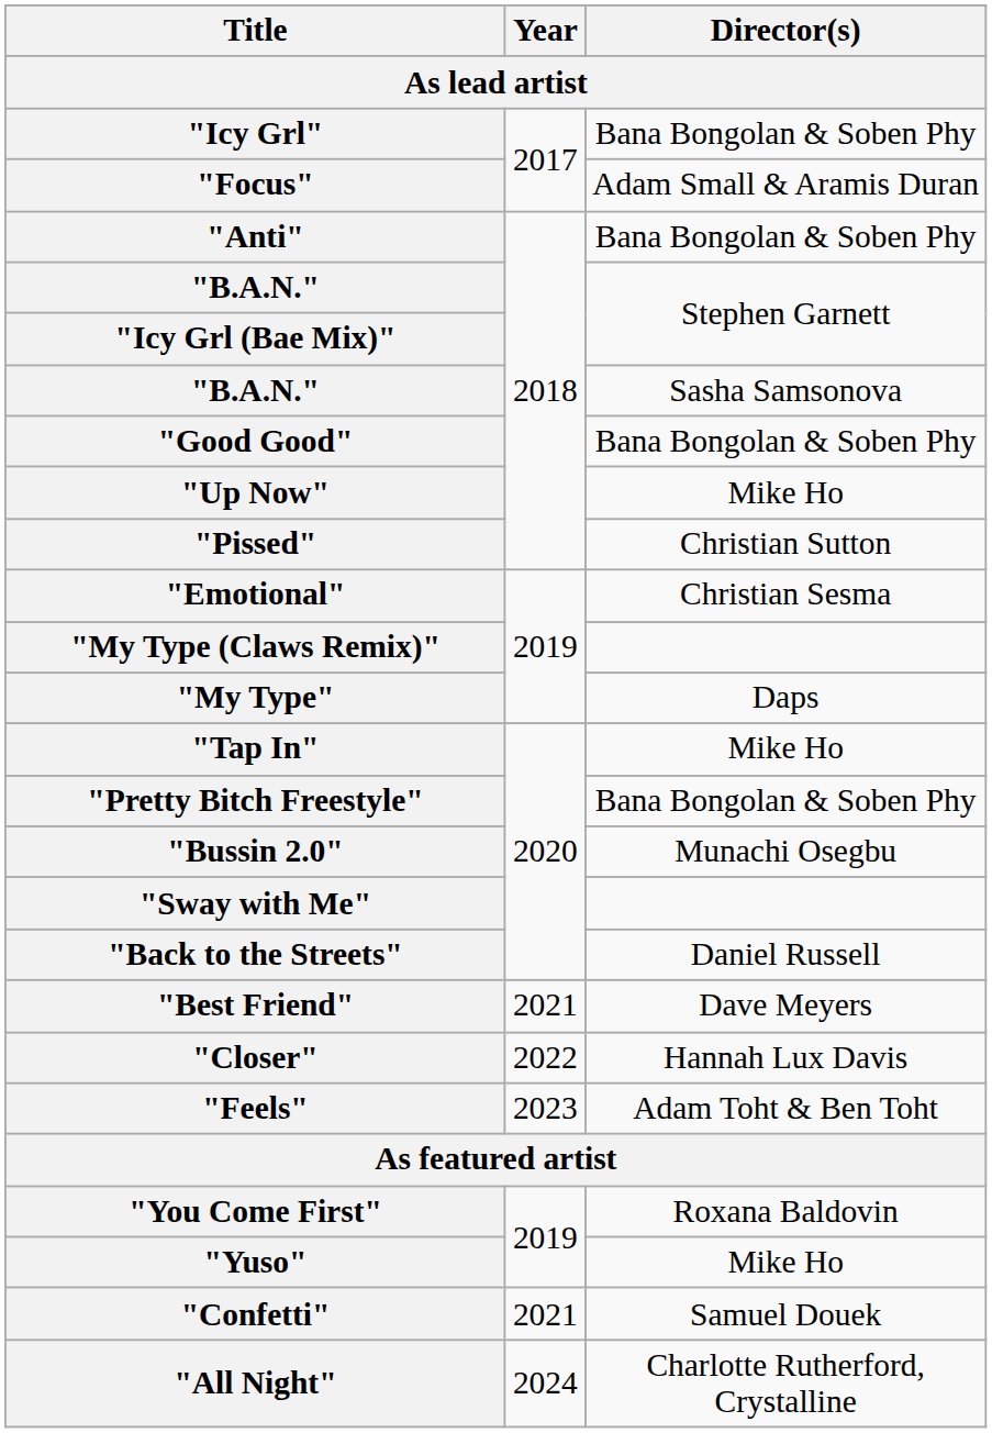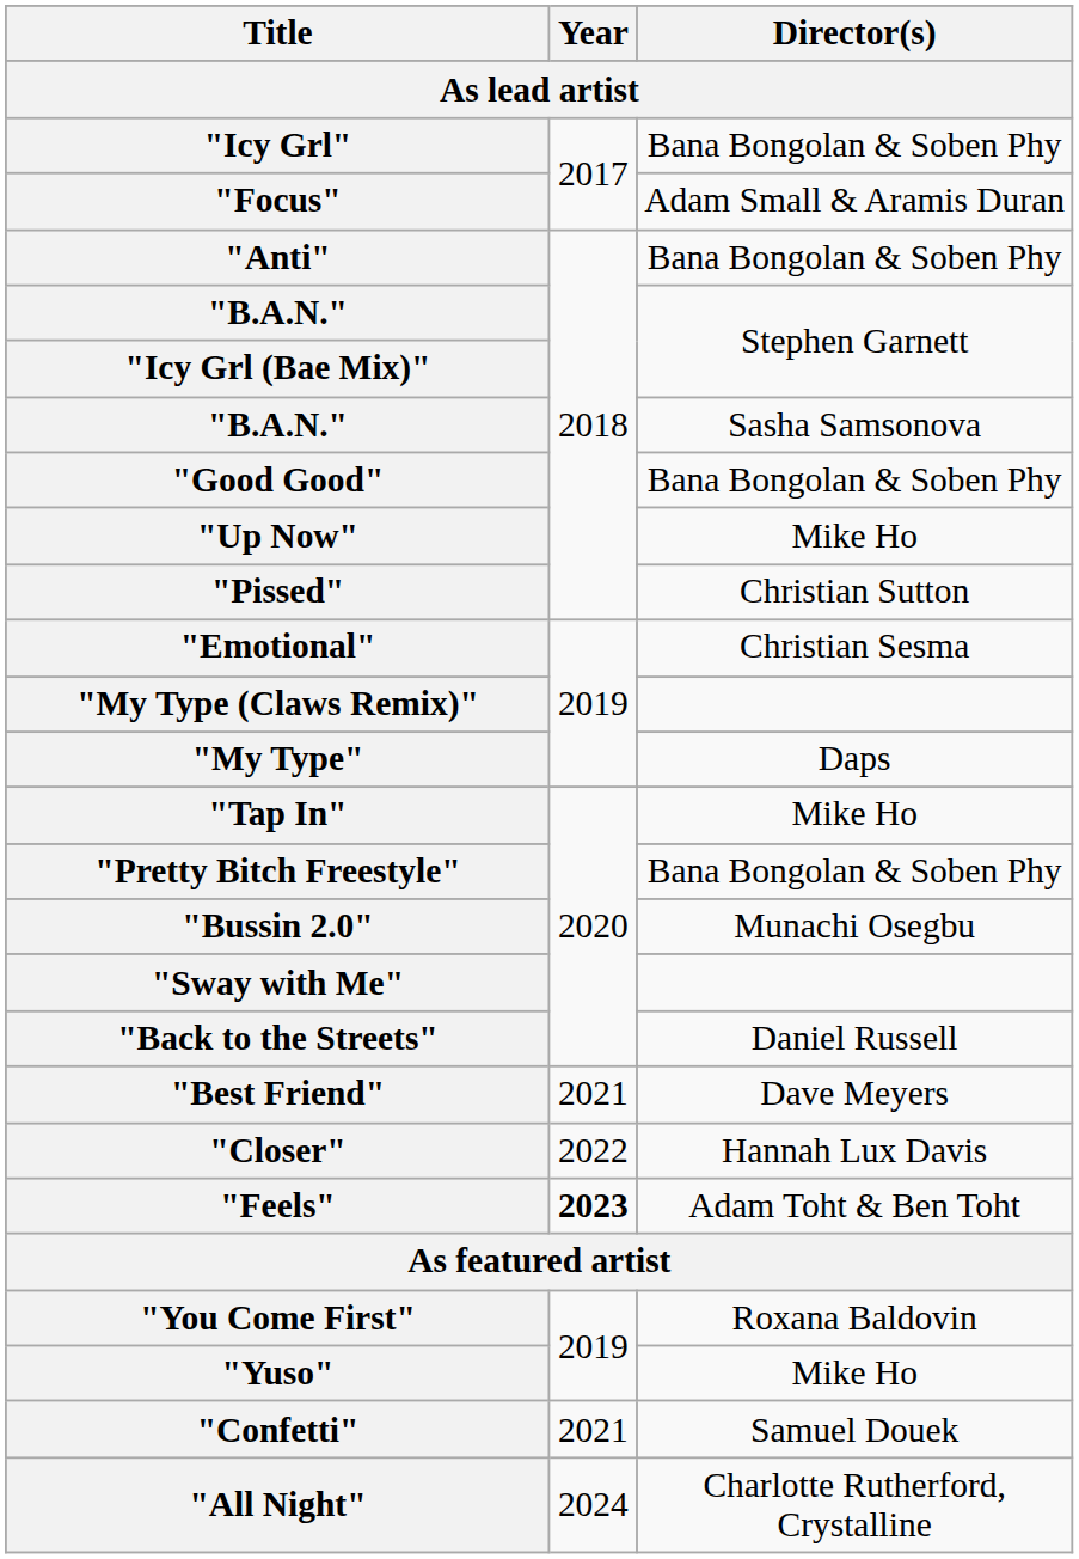 <table class="wikitable plainrowheaders" style="text-align:center;">
 <tr>
 <th scope="col" style="width:15em;">Title</th>
 <th scope="col">Year</th>
 <th scope="col">Director(s)</th>
 </tr>
 <tr>
 <th scope="col" colspan="3">As lead artist</th>
 </tr>
 <tr>
 <th scope="row">"Icy Grl"</th>
 <td rowspan="2">2017</td>
 <td>Bana Bongolan & Soben Phy</td>
 </tr>
 <tr>
 <th scope="row">"Focus"</th>
 <td>Adam Small & Aramis Duran</td>
 </tr>
 <tr>
 <th scope="row">"Anti"</th>
 <td rowspan="7">2018</td>
 <td>Bana Bongolan & Soben Phy</td>
 </tr>
 <tr>
 <th scope="row">"B.A.N."<br></th>
 <td rowspan="2">Stephen Garnett</td>
 </tr>
 <tr>
 <th scope="row">"Icy Grl (Bae Mix)"<br></th>
 </tr>
 <tr>
 <th scope="row">"B.A.N."</th>
 <td>Sasha Samsonova</td>
 </tr>
 <tr>
 <th scope="row">"Good Good"</th>
 <td>Bana Bongolan & Soben Phy</td>
 </tr>
 <tr>
 <th scope="row">"Up Now"<br></th>
 <td>Mike Ho</td>
 </tr>
 <tr>
 <th scope="row">"Pissed"</th>
 <td>Christian Sutton</td>
 </tr>
 <tr>
 <th scope="row">"Emotional"<br></th>
 <td rowspan="3">2019</td>
 <td>Christian Sesma</td>
 </tr>
 <tr>
 <th scope="row">"My Type (Claws Remix)"</th>
 <td></td>
 </tr>
 <tr>
 <th scope="row">"My Type"</th>
 <td>Daps</td>
 </tr>
 <tr>
 <th scope="row">"Tap In"</th>
 <td rowspan="5">2020</td>
 <td>Mike Ho</td>
 </tr>
 <tr>
 <th scope="row">"Pretty Bitch Freestyle"</th>
 <td>Bana Bongolan & Soben Phy</td>
 </tr>
 <tr>
 <th scope="row">"Bussin 2.0"<br></th>
 <td>Munachi Osegbu</td>
 </tr>
 <tr>
 <th scope="row">"Sway with Me"<br></th>
 <td></td>
 </tr>
 <tr>
 <th scope="row">"Back to the Streets"<br></th>
 <td>Daniel Russell</td>
 </tr>
 <tr>
 <th scope="row">"Best Friend"<br></th>
 <td rowspan="1">2021</td>
 <td>Dave Meyers</td>
 </tr>
 <tr>
 <th scope="row">"Closer"<br></th>
 <td rowspan="1">2022</td>
 <td>Hannah Lux Davis</td>
 </tr>
 <tr>
 <th scope="row">"Feels"<br></th>
-<td>2023</td>
+<td><strong>2023</strong></td>
 <td>Adam Toht & Ben Toht</td>
 </tr>
 <tr>
 <th scope="col" colspan="3">As featured artist</th>
 </tr>
 <tr>
 <th scope="row">"You Come First"<br></th>
 <td rowspan="2">2019</td>
 <td>Roxana Baldovin</td>
 </tr>
 <tr>
 <th scope="row">"Yuso"<br></th>
 <td>Mike Ho</td>
 </tr>
 <tr>
 <th scope="row">"Confetti"<br></th>
 <td rowspan="1">2021</td>
 <td>Samuel Douek</td>
 </tr>
 <tr>
 <th scope="row">"All Night"<br></th>
 <td>2024</td>
 <td>Charlotte Rutherford,<br>Crystalline</td>
 </tr>
 </table>
